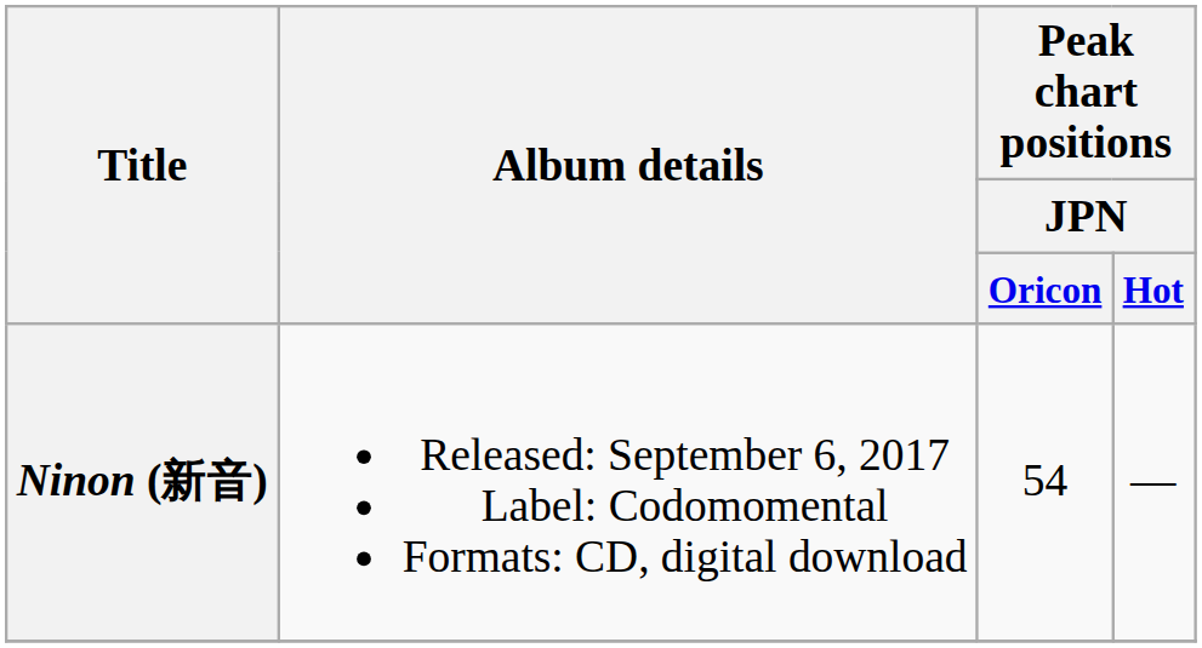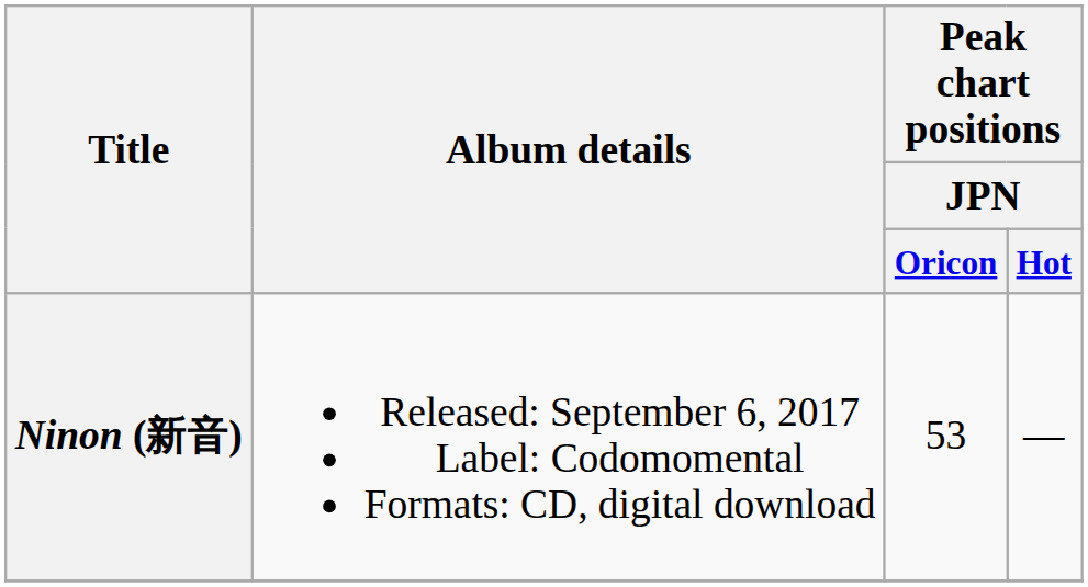 <table class="wikitable plainrowheaders" style="text-align:center;">
 <tr>
 <th scope="col" rowspan="3">Title</th>
 <th scope="col" rowspan="3">Album details</th>
 <th scope="col" colspan="2">Peak <br> chart <br> positions</th>
 </tr>
 <tr>
 <th colspan="2">JPN</th>
 </tr>
 <tr>
 <th scope="col" colspan="1"><small><a href='#'>Oricon</a></small></th>
 <th scope="col" colspan="1"><small><a href='#'>Hot</a></small></th>
 </tr>
 <tr>
 <th scope="row"><em>Ninon</em> (新音)</th>
 <td><br><ul><li>Released: September 6, 2017</li><li>Label: Codomomental</li><li>Formats: CD, digital download</li></ul></td>
-<td>54</td>
+<td>53</td>
 <td>—</td>
 </tr>
 <tr>
 </tr>
 </table>
